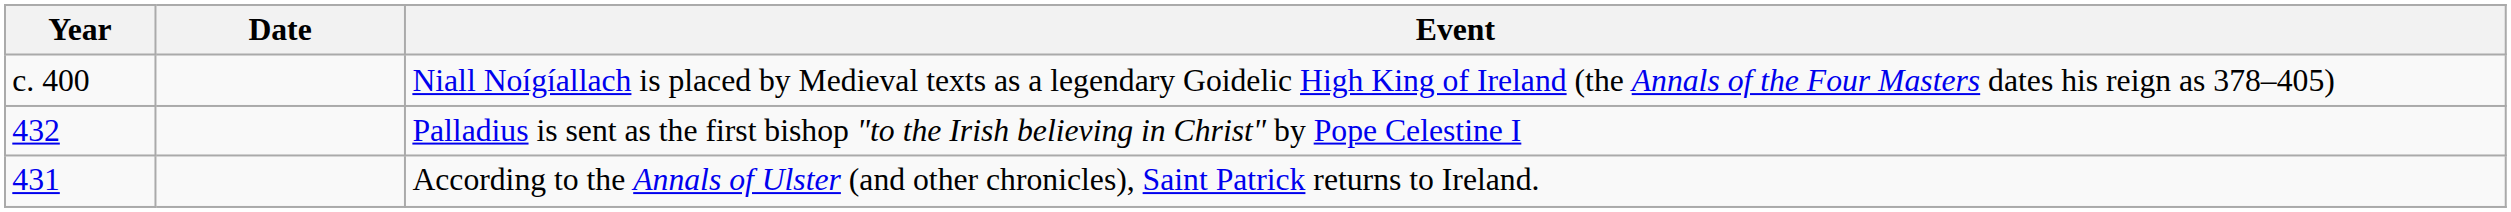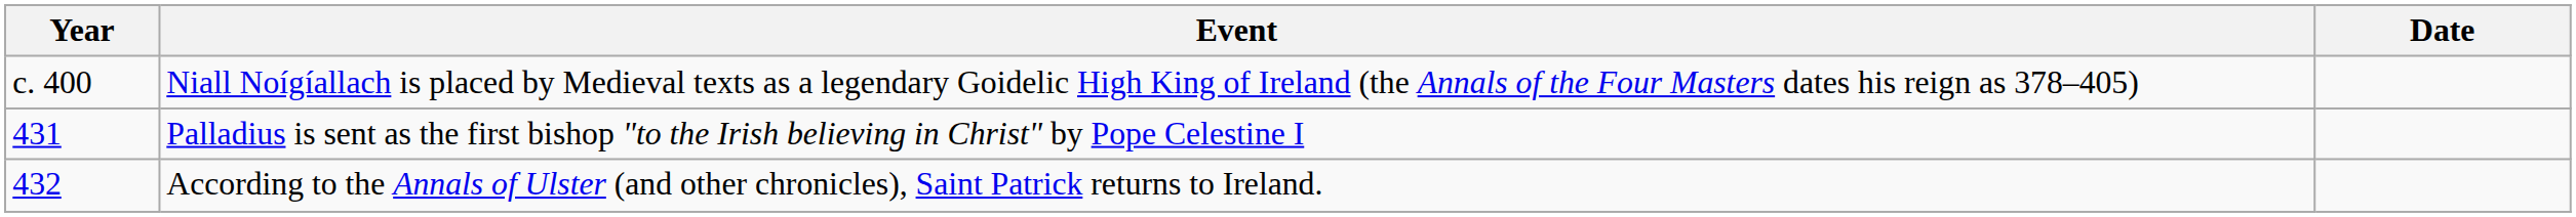 <table class="wikitable" width="100%">
 <tr>
 <th style="width:6%">Year</th>
+<th>Event</th>
 <th style="width:10%">Date</th>
-<th>Event</th>
 </tr>
 <tr>
 <td>c. 400</td>
+<td><a href='#'>Niall Noígíallach</a> is placed by Medieval texts as a legendary Goidelic <a href='#'>High King of Ireland</a> (the <em><a href='#'>Annals of the Four Masters</a></em> dates his reign as 378–405)</td>
 <td></td>
-<td><a href='#'>Niall Noígíallach</a> is placed by Medieval texts as a legendary Goidelic <a href='#'>High King of Ireland</a> (the <em><a href='#'>Annals of the Four Masters</a></em> dates his reign as 378–405)</td>
+</tr>
+<tr>
+<td><a href='#'>431</a></td>
+<td><a href='#'>Palladius</a> is sent as the first bishop <em>"to the Irish believing in Christ"</em> by <a href='#'>Pope Celestine I</a></td>
+<td></td>
 </tr>
 <tr>
 <td><a href='#'>432</a></td>
+<td>According to the <em><a href='#'>Annals of Ulster</a></em> (and other chronicles), <a href='#'>Saint Patrick</a> returns to Ireland.</td>
 <td></td>
-<td><a href='#'>Palladius</a> is sent as the first bishop <em>"to the Irish believing in Christ"</em> by <a href='#'>Pope Celestine I</a></td>
-</tr>
-<tr>
-<td><a href='#'>431</a></td>
-<td></td>
-<td>According to the <em><a href='#'>Annals of Ulster</a></em> (and other chronicles), <a href='#'>Saint Patrick</a> returns to Ireland.</td>
 </tr>
 </table>
